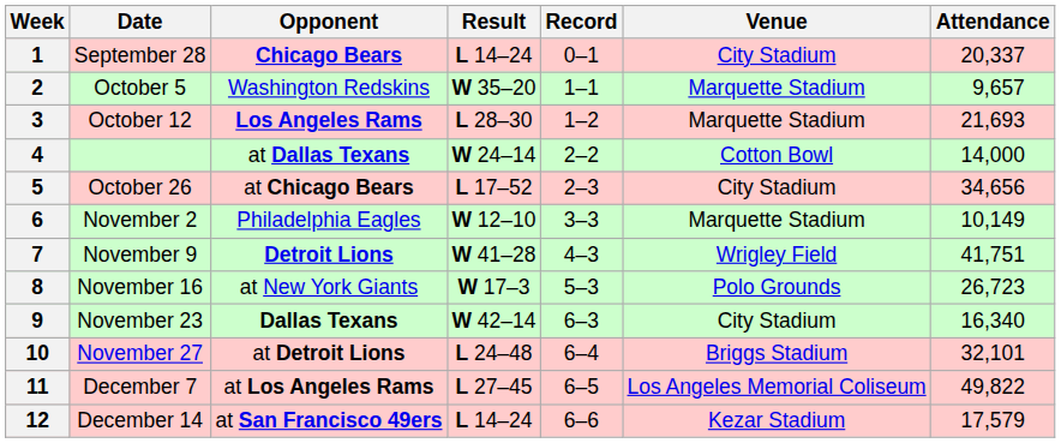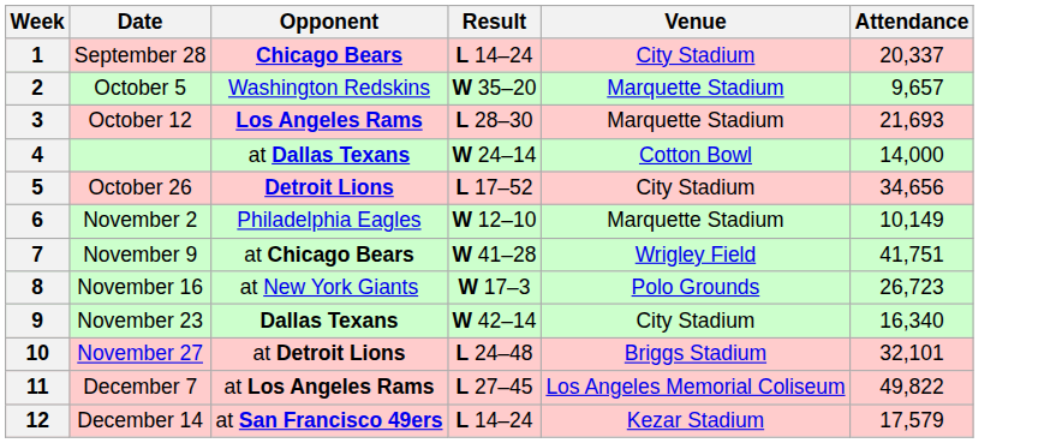 <table class="wikitable" style="text-align:center">
 <tr>
 <th>Week</th>
 <th>Date</th>
 <th>Opponent</th>
 <th>Result</th>
-<th>Record</th>
 <th>Venue</th>
 <th>Attendance</th>
 </tr>
 <tr style="background:#fcc">
 <th>1</th>
 <td>September 28</td>
 <td><strong><a href='#'>Chicago Bears</a></strong></td>
 <td><strong>L</strong> 14–24</td>
-<td>0–1</td>
 <td><a href='#'>City Stadium</a></td>
 <td>20,337</td>
 </tr>
 <tr style="background:#cfc">
 <th>2</th>
 <td>October 5</td>
 <td><a href='#'>Washington Redskins</a></td>
 <td><strong>W</strong> 35–20</td>
-<td>1–1</td>
 <td><a href='#'>Marquette Stadium</a></td>
 <td>  9,657</td>
 </tr>
 <tr style="background:#fcc">
 <th>3</th>
 <td>October 12</td>
 <td><strong><a href='#'>Los Angeles Rams</a></strong></td>
 <td><strong>L</strong> 28–30</td>
-<td>1–2</td>
 <td>Marquette Stadium</td>
 <td>21,693</td>
 </tr>
 <tr style="background:#cfc">
 <th>4</th>
 <td></td>
 <td>at <strong><a href='#'>Dallas Texans</a></strong></td>
 <td><strong>W</strong> 24–14</td>
-<td>2–2</td>
 <td><a href='#'>Cotton Bowl</a></td>
 <td>14,000</td>
 </tr>
 <tr style="background:#fcc">
 <th>5</th>
 <td>October 26</td>
-<td>at <strong>Chicago Bears</strong></td>
+<td><strong><a href='#'>Detroit Lions</a></strong></td>
 <td><strong>L</strong> 17–52</td>
-<td>2–3</td>
 <td>City Stadium</td>
 <td>34,656</td>
 </tr>
 <tr style="background:#cfc">
 <th>6</th>
 <td>November 2</td>
 <td><a href='#'>Philadelphia Eagles</a></td>
 <td><strong>W</strong> 12–10</td>
-<td>3–3</td>
 <td>Marquette Stadium</td>
 <td>10,149</td>
 </tr>
 <tr style="background:#cfc">
 <th>7</th>
 <td>November 9</td>
-<td><strong><a href='#'>Detroit Lions</a></strong></td>
+<td>at <strong>Chicago Bears</strong></td>
 <td><strong>W</strong> 41–28</td>
-<td>4–3</td>
 <td><a href='#'>Wrigley Field</a></td>
 <td>41,751</td>
 </tr>
 <tr style="background:#cfc">
 <th>8</th>
 <td>November 16</td>
 <td>at <a href='#'>New York Giants</a></td>
 <td><strong>W</strong> 17–3</td>
-<td>5–3</td>
 <td><a href='#'>Polo Grounds</a></td>
 <td>26,723</td>
 </tr>
 <tr style="background:#cfc">
 <th>9</th>
 <td>November 23</td>
 <td><strong>Dallas Texans</strong></td>
 <td><strong>W</strong> 42–14</td>
-<td>6–3</td>
 <td>City Stadium</td>
 <td>16,340</td>
 </tr>
 <tr style="background:#fcc">
 <th>10</th>
 <td><a href='#'>November 27</a></td>
 <td>at <strong>Detroit Lions</strong></td>
 <td><strong>L</strong> 24–48</td>
-<td>6–4</td>
 <td><a href='#'>Briggs Stadium</a></td>
 <td>32,101</td>
 </tr>
 <tr style="background:#fcc">
 <th>11</th>
 <td>December 7</td>
 <td>at <strong>Los Angeles Rams</strong></td>
 <td><strong>L</strong> 27–45</td>
-<td>6–5</td>
 <td><a href='#'>Los Angeles Memorial Coliseum</a></td>
 <td>49,822</td>
 </tr>
 <tr style="background:#fcc">
 <th>12</th>
 <td>December 14</td>
 <td>at <strong><a href='#'>San Francisco 49ers</a></strong></td>
 <td><strong>L</strong> 14–24</td>
-<td>6–6</td>
 <td><a href='#'>Kezar Stadium</a></td>
 <td>17,579</td>
 </tr>
 </table>
